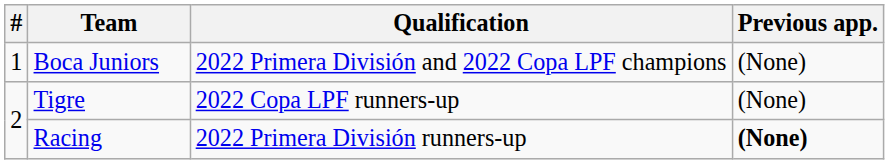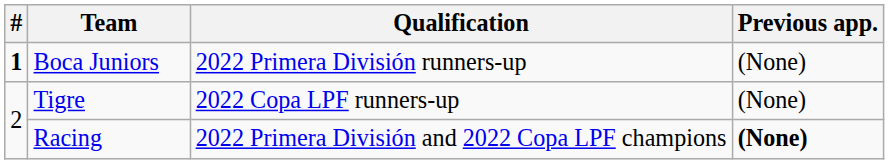 <table class="wikitable">
 <tr>
 <th>#</th>
 <th width=100px>Team</th>
 <th>Qualification</th>
 <th>Previous app.</th>
 </tr>
 <tr>
-<td>1</td>
+<td><strong>1</strong></td>
 <td><a href='#'>Boca Juniors</a></td>
-<td><a href='#'>2022 Primera División</a> and <a href='#'>2022 Copa LPF</a> champions</td>
+<td><a href='#'>2022 Primera División</a> runners-up</td>
 <td>(None)</td>
 </tr>
 <tr>
 <td rowspan=2>2</td>
 <td><a href='#'>Tigre</a> </td>
 <td><a href='#'>2022 Copa LPF</a> runners-up</td>
 <td>(None)</td>
 </tr>
 <tr>
 <td><a href='#'>Racing</a> </td>
-<td><a href='#'>2022 Primera División</a> runners-up</td>
+<td><a href='#'>2022 Primera División</a> and <a href='#'>2022 Copa LPF</a> champions</td>
 <td><strong>(None)</strong></td>
 </tr>
 </table>
